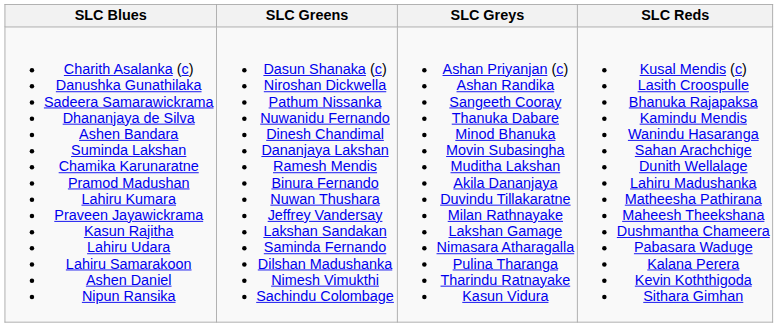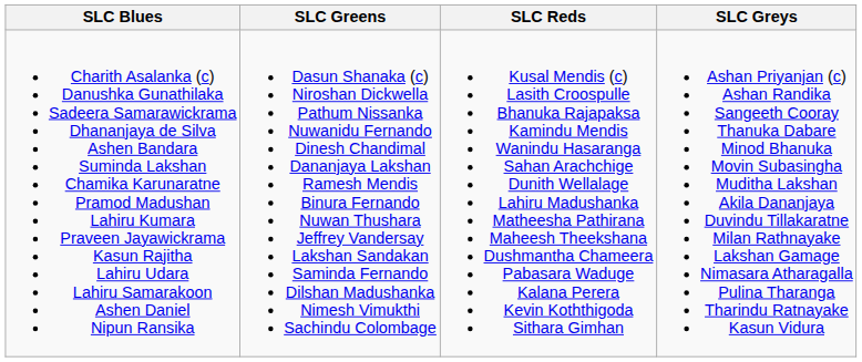 <table class="wikitable" style="text-align:center; margin:auto">
 <tr>
 <th>SLC Blues</th>
 <th>SLC Greens</th>
+<th>SLC Reds</th>
 <th>SLC Greys</th>
-<th>SLC Reds</th>
 </tr>
 <tr style="vertical-align:top">
 <td><br><ul><li><a href='#'>Charith Asalanka</a> (<a href='#'>c</a>)</li><li><a href='#'>Danushka Gunathilaka</a></li><li><a href='#'>Sadeera Samarawickrama</a></li><li><a href='#'>Dhananjaya de Silva</a></li><li><a href='#'>Ashen Bandara</a></li><li><a href='#'>Suminda Lakshan</a></li><li><a href='#'>Chamika Karunaratne</a></li><li><a href='#'>Pramod Madushan</a></li><li><a href='#'>Lahiru Kumara</a></li><li><a href='#'>Praveen Jayawickrama</a></li><li><a href='#'>Kasun Rajitha</a></li><li><a href='#'>Lahiru Udara</a></li><li><a href='#'>Lahiru Samarakoon</a></li><li><a href='#'>Ashen Daniel</a></li><li><a href='#'>Nipun Ransika</a></li></ul></td>
 <td><br><ul><li><a href='#'>Dasun Shanaka</a> (<a href='#'>c</a>)</li><li><a href='#'>Niroshan Dickwella</a></li><li><a href='#'>Pathum Nissanka</a></li><li><a href='#'>Nuwanidu Fernando</a></li><li><a href='#'>Dinesh Chandimal</a></li><li><a href='#'>Dananjaya Lakshan</a></li><li><a href='#'>Ramesh Mendis</a></li><li><a href='#'>Binura Fernando</a></li><li><a href='#'>Nuwan Thushara</a></li><li><a href='#'>Jeffrey Vandersay</a></li><li><a href='#'>Lakshan Sandakan</a></li><li><a href='#'>Saminda Fernando</a></li><li><a href='#'>Dilshan Madushanka</a></li><li><a href='#'>Nimesh Vimukthi</a></li><li><a href='#'>Sachindu Colombage</a></li></ul></td>
+<td><br><ul><li><a href='#'>Kusal Mendis</a> (<a href='#'>c</a>)</li><li><a href='#'>Lasith Croospulle</a></li><li><a href='#'>Bhanuka Rajapaksa</a></li><li><a href='#'>Kamindu Mendis</a></li><li><a href='#'>Wanindu Hasaranga</a></li><li><a href='#'>Sahan Arachchige</a></li><li><a href='#'>Dunith Wellalage</a></li><li><a href='#'>Lahiru Madushanka</a></li><li><a href='#'>Matheesha Pathirana</a></li><li><a href='#'>Maheesh Theekshana</a></li><li><a href='#'>Dushmantha Chameera</a></li><li><a href='#'>Pabasara Waduge</a></li><li><a href='#'>Kalana Perera</a></li><li><a href='#'>Kevin Koththigoda</a></li><li><a href='#'>Sithara Gimhan</a></li></ul></td>
 <td><br><ul><li><a href='#'>Ashan Priyanjan</a> (<a href='#'>c</a>)</li><li><a href='#'>Ashan Randika</a></li><li><a href='#'>Sangeeth Cooray</a></li><li><a href='#'>Thanuka Dabare</a></li><li><a href='#'>Minod Bhanuka</a></li><li><a href='#'>Movin Subasingha</a></li><li><a href='#'>Muditha Lakshan</a></li><li><a href='#'>Akila Dananjaya</a></li><li><a href='#'>Duvindu Tillakaratne</a></li><li><a href='#'>Milan Rathnayake</a></li><li><a href='#'>Lakshan Gamage</a></li><li><a href='#'>Nimasara Atharagalla</a></li><li><a href='#'>Pulina Tharanga</a></li><li><a href='#'>Tharindu Ratnayake</a></li><li><a href='#'>Kasun Vidura</a></li></ul></td>
-<td><br><ul><li><a href='#'>Kusal Mendis</a> (<a href='#'>c</a>)</li><li><a href='#'>Lasith Croospulle</a></li><li><a href='#'>Bhanuka Rajapaksa</a></li><li><a href='#'>Kamindu Mendis</a></li><li><a href='#'>Wanindu Hasaranga</a></li><li><a href='#'>Sahan Arachchige</a></li><li><a href='#'>Dunith Wellalage</a></li><li><a href='#'>Lahiru Madushanka</a></li><li><a href='#'>Matheesha Pathirana</a></li><li><a href='#'>Maheesh Theekshana</a></li><li><a href='#'>Dushmantha Chameera</a></li><li><a href='#'>Pabasara Waduge</a></li><li><a href='#'>Kalana Perera</a></li><li><a href='#'>Kevin Koththigoda</a></li><li><a href='#'>Sithara Gimhan</a></li></ul></td>
 </tr>
 </table>
